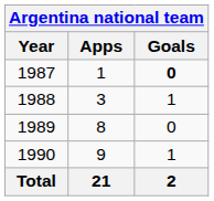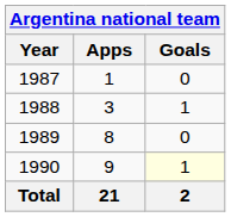 <table class="wikitable" style="text-align:center">
 <tr>
 <th colspan=3><a href='#'>Argentina national team</a></th>
 </tr>
 <tr>
 <th>Year</th>
 <th>Apps</th>
 <th>Goals</th>
 </tr>
 <tr>
 <td>1987</td>
 <td>1</td>
-<td><strong>0</strong></td>
+<td>0</td>
 </tr>
 <tr>
 <td>1988</td>
 <td>3</td>
 <td>1</td>
 </tr>
 <tr>
 <td>1989</td>
 <td>8</td>
 <td>0</td>
 </tr>
 <tr>
 <td>1990</td>
 <td>9</td>
-<td>1</td>
+<td style="background: lightyellow;">1</td>
 </tr>
 <tr>
 <th>Total</th>
 <th>21</th>
 <th>2</th>
 </tr>
 </table>
